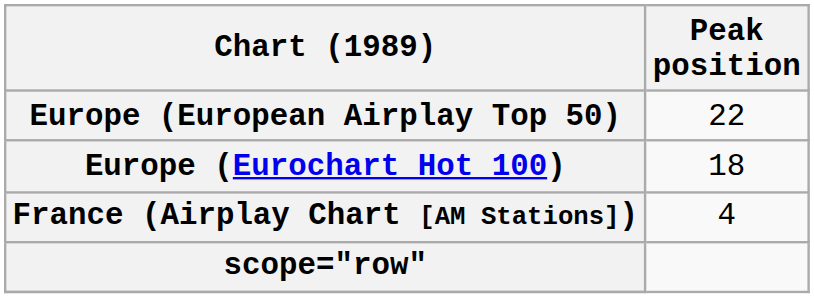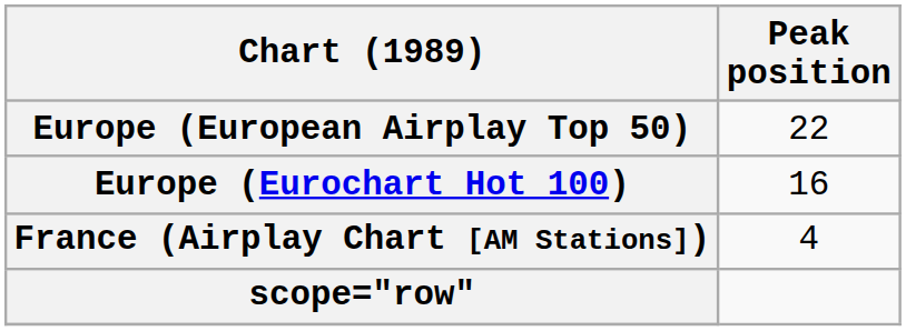 <table class="wikitable sortable plainrowheaders">
 <tr>
 <th>Chart (1989)</th>
 <th>Peak<br>position</th>
 </tr>
 <tr>
 <th scope="row">Europe (European Airplay Top 50)</th>
 <td align="center">22</td>
 </tr>
 <tr>
 <th scope="row">Europe (<a href='#'>Eurochart Hot 100</a>)</th>
-<td align="center">18</td>
+<td align="center">16</td>
 </tr>
 <tr>
 <th scope="row">France (Airplay Chart <small>[AM Stations]</small>)</th>
 <td align="center">4</td>
 </tr>
 <tr>
 <th>scope="row"</th>
 </tr>
 <tr>
 </tr>
 </table>
